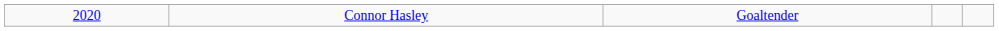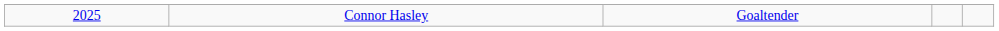 <table class="wikitable sortable" width=90%>
 <tr>
 </tr>
 <tr align=center>
-<td><a href='#'>2020</a></td>
+<td><a href='#'>2025</a></td>
 <td><a href='#'>Connor Hasley</a></td>
 <td><a href='#'>Goaltender</a></td>
 <td><a href='#'><strong></strong></a></td>
 <td></td>
 </tr>
 </table>
